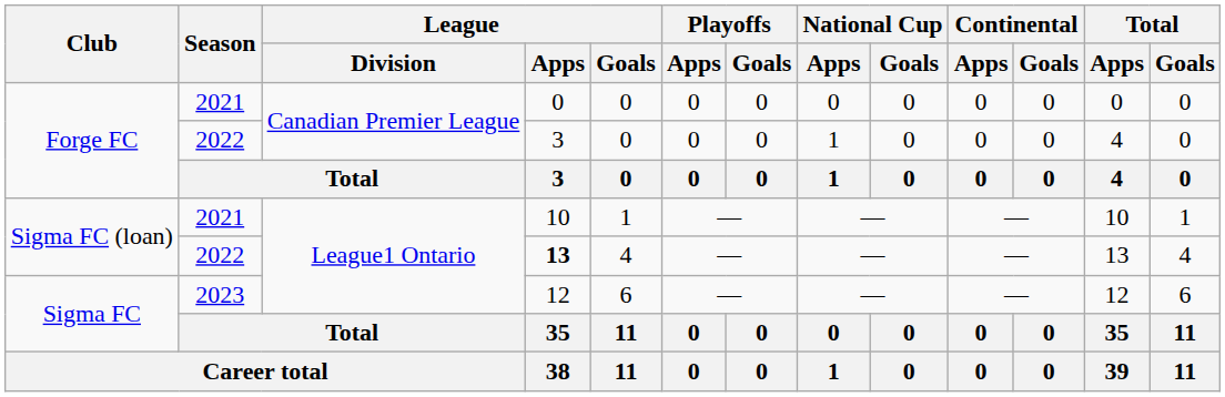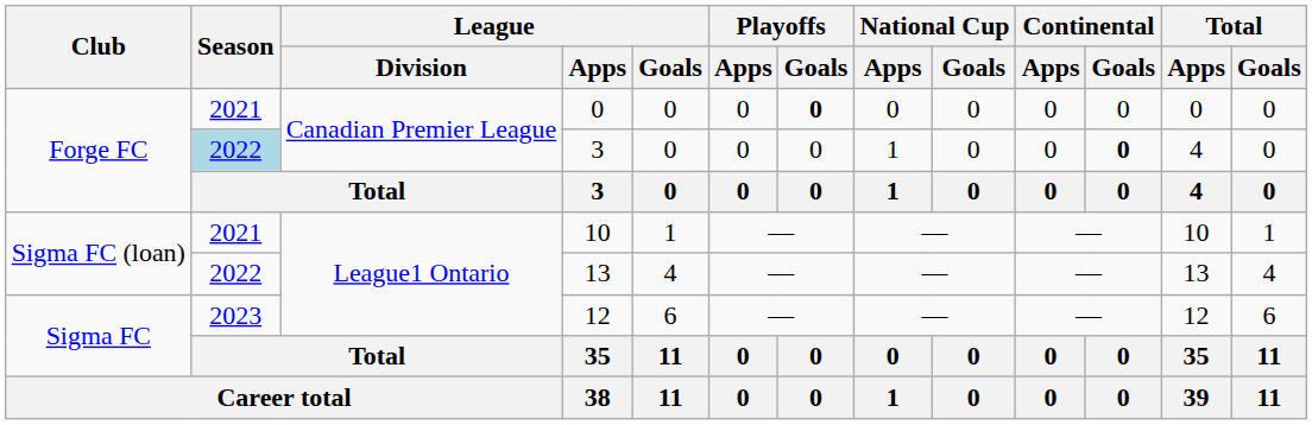 <table class="wikitable" style="text-align: center">
 <tr>
 <th rowspan="2">Club</th>
 <th rowspan="2">Season</th>
 <th colspan="3">League</th>
 <th colspan="2">Playoffs</th>
 <th colspan="2">National Cup</th>
 <th colspan="2">Continental</th>
 <th colspan="2">Total</th>
 </tr>
 <tr>
 <th>Division</th>
 <th>Apps</th>
 <th>Goals</th>
 <th>Apps</th>
 <th>Goals</th>
 <th>Apps</th>
 <th>Goals</th>
 <th>Apps</th>
 <th>Goals</th>
 <th>Apps</th>
 <th>Goals</th>
 </tr>
 <tr>
 <td rowspan=3><a href='#'>Forge FC</a></td>
 <td><a href='#'>2021</a></td>
 <td rowspan=2><a href='#'>Canadian Premier League</a></td>
 <td>0</td>
 <td>0</td>
 <td>0</td>
-<td>0</td>
+<td><strong>0</strong></td>
 <td>0</td>
 <td>0</td>
 <td>0</td>
 <td>0</td>
 <td>0</td>
 <td>0</td>
 </tr>
 <tr>
-<td><a href='#'>2022</a></td>
+<td style="background: lightblue;"><a href='#'>2022</a></td>
 <td>3</td>
 <td>0</td>
 <td>0</td>
 <td>0</td>
 <td>1</td>
 <td>0</td>
 <td>0</td>
-<td>0</td>
+<td><strong>0</strong></td>
 <td>4</td>
 <td>0</td>
 </tr>
 <tr>
 <th colspan="2">Total</th>
 <th>3</th>
 <th>0</th>
 <th>0</th>
 <th>0</th>
 <th>1</th>
 <th>0</th>
 <th>0</th>
 <th>0</th>
 <th>4</th>
 <th>0</th>
 </tr>
 <tr>
 <td rowspan="2"><a href='#'>Sigma FC</a> (loan)</td>
 <td><a href='#'>2021</a></td>
 <td rowspan=3><a href='#'>League1 Ontario</a></td>
 <td>10</td>
 <td>1</td>
 <td colspan="2">—</td>
 <td colspan="2">—</td>
 <td colspan="2">—</td>
 <td>10</td>
 <td>1</td>
 </tr>
 <tr>
 <td><a href='#'>2022</a></td>
-<td><strong>13</strong></td>
+<td>13</td>
 <td>4</td>
 <td colspan="2">—</td>
 <td colspan="2">—</td>
 <td colspan="2">—</td>
 <td>13</td>
 <td>4</td>
 </tr>
 <tr>
 <td rowspan="2"><a href='#'>Sigma FC</a></td>
 <td><a href='#'>2023</a></td>
 <td>12</td>
 <td>6</td>
 <td colspan="2">—</td>
 <td colspan="2">—</td>
 <td colspan="2">—</td>
 <td>12</td>
 <td>6</td>
 </tr>
 <tr>
 <th colspan="2">Total</th>
 <th>35</th>
 <th>11</th>
 <th>0</th>
 <th>0</th>
 <th>0</th>
 <th>0</th>
 <th>0</th>
 <th>0</th>
 <th>35</th>
 <th>11</th>
 </tr>
 <tr>
 <th colspan="3">Career total</th>
 <th>38</th>
 <th>11</th>
 <th>0</th>
 <th>0</th>
 <th>1</th>
 <th>0</th>
 <th>0</th>
 <th>0</th>
 <th>39</th>
 <th>11</th>
 </tr>
 </table>
